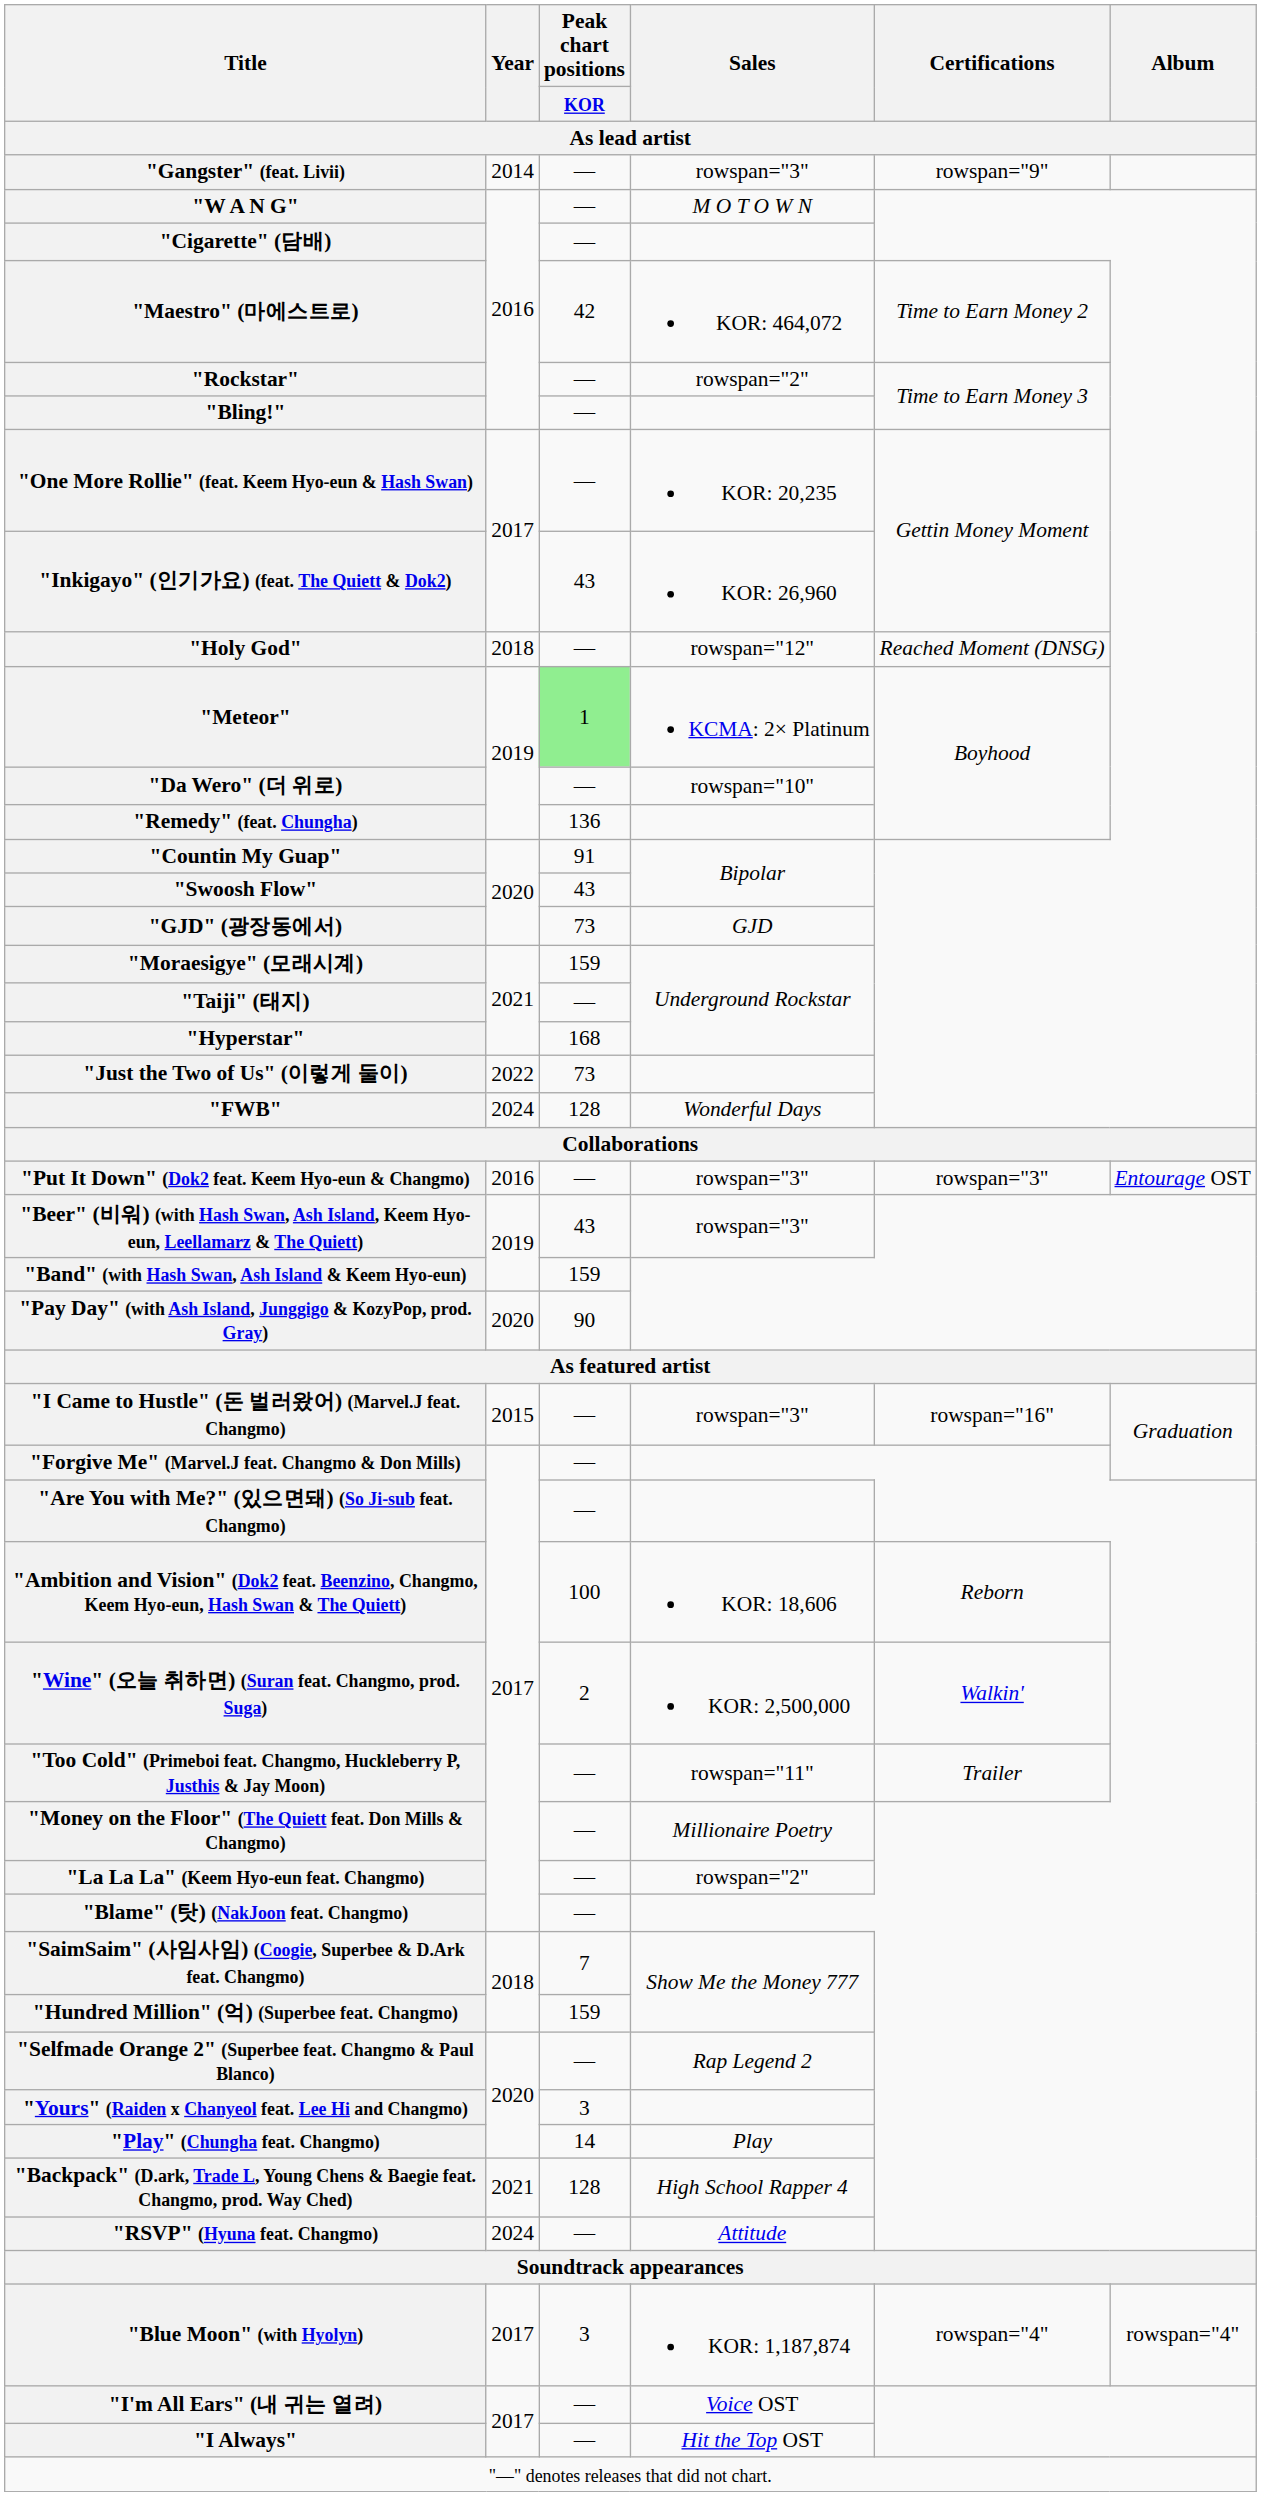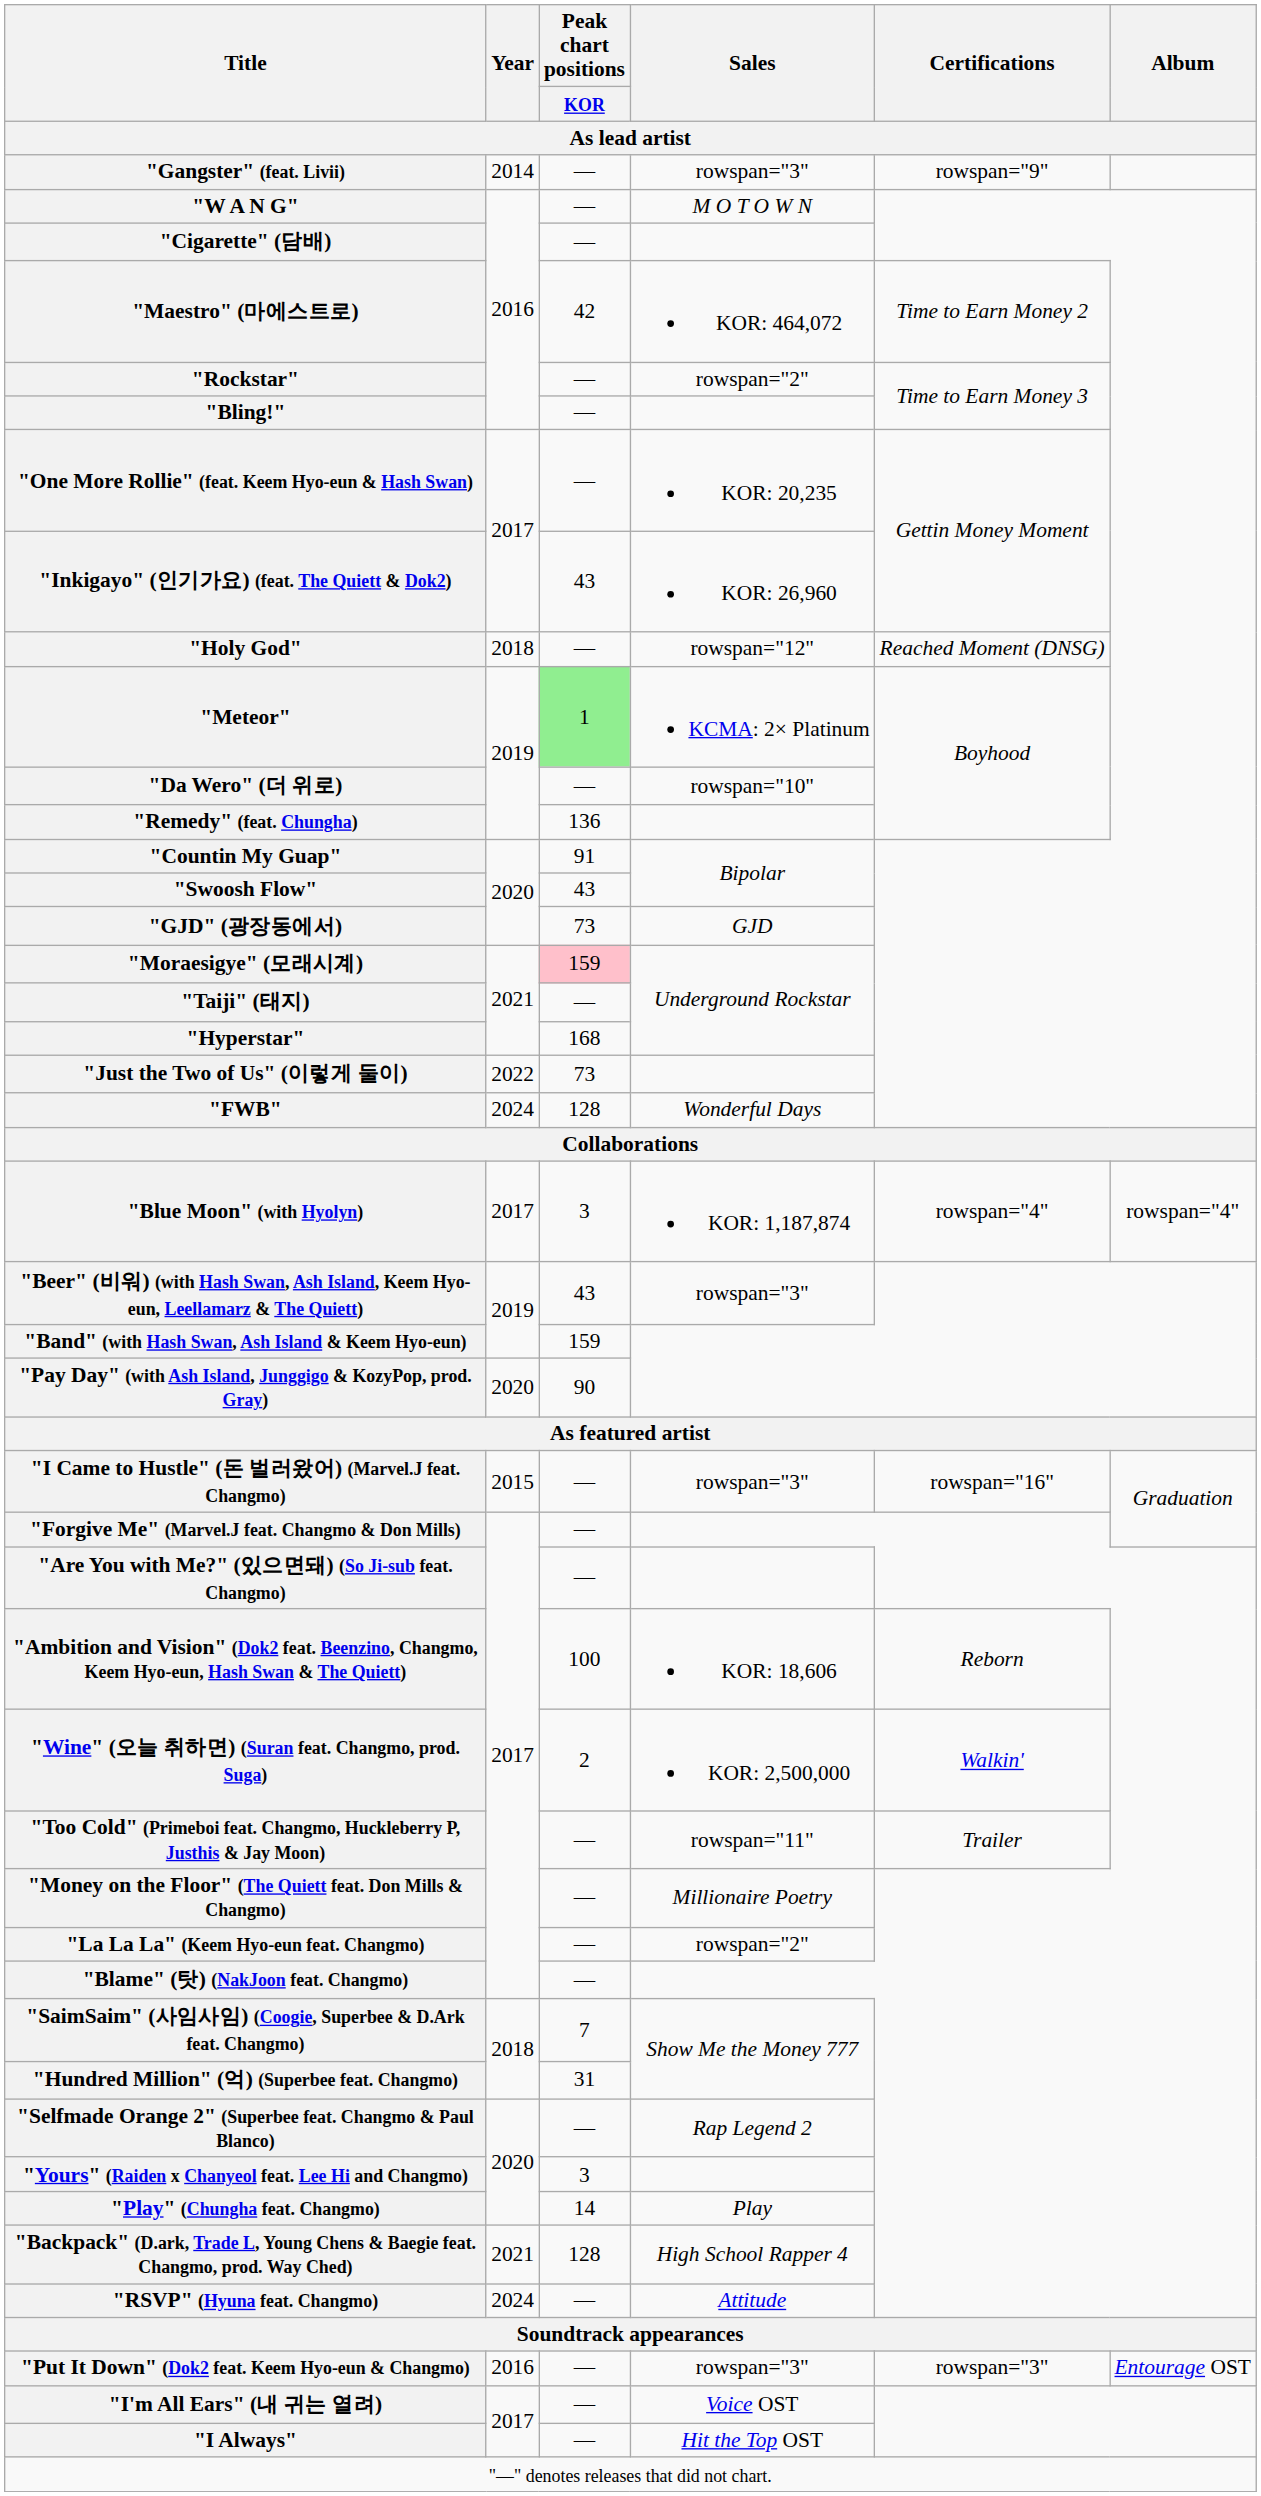 <table class="wikitable plainrowheaders" style="text-align:center;">
 <tr>
 <th scope="col" rowspan="2" style="width:22em;">Title</th>
 <th scope="col" rowspan="2">Year</th>
 <th scope="col">Peak<br>chart<br>positions</th>
 <th scope="col" rowspan="2">Sales</th>
 <th scope="col" rowspan="2">Certifications</th>
 <th scope="col" rowspan="2">Album</th>
 </tr>
 <tr>
 <th><small><a href='#'>KOR</a></small><br></th>
 </tr>
 <tr>
 <th scope="col" colspan="6">As lead artist</th>
 </tr>
 <tr>
 <th scope="row">"Gangster" <small>(feat. Livii)</small></th>
 <td>2014</td>
 <td>—</td>
 <td>rowspan="3" </td>
 <td>rowspan="9" </td>
 <td></td>
 </tr>
 <tr>
 <th scope="row">"W A N G"</th>
 <td rowspan="5">2016</td>
 <td>—</td>
 <td><em>M O T O W N</em></td>
 </tr>
 <tr>
 <th scope="row">"Cigarette" (담배)</th>
 <td>—</td>
 <td></td>
 </tr>
 <tr>
 <th scope="row">"Maestro" (마에스트로)</th>
 <td>42</td>
 <td><br><ul><li>KOR: 464,072</li></ul></td>
 <td><em>Time to Earn Money 2</em></td>
 </tr>
 <tr>
 <th scope="row">"Rockstar"</th>
 <td>—</td>
 <td>rowspan="2" </td>
 <td rowspan="2"><em>Time to Earn Money 3</em></td>
 </tr>
 <tr>
 <th scope="row">"Bling!"</th>
 <td>—</td>
 </tr>
 <tr>
 <th scope="row">"One More Rollie" <small>(feat. Keem Hyo-eun & <a href='#'>Hash Swan</a>)</small></th>
 <td rowspan="2">2017</td>
 <td>—</td>
 <td><br><ul><li>KOR: 20,235</li></ul></td>
 <td rowspan="2"><em>Gettin Money Moment</em></td>
 </tr>
 <tr>
 <th scope="row">"Inkigayo" (인기가요) <small>(feat. <a href='#'>The Quiett</a> & <a href='#'>Dok2</a>)</small></th>
 <td>43</td>
 <td><br><ul><li>KOR: 26,960</li></ul></td>
 </tr>
 <tr>
 <th scope="row">"Holy God"</th>
 <td>2018</td>
 <td>—</td>
 <td>rowspan="12" </td>
 <td><em>Reached Moment (DNSG)</em></td>
 </tr>
 <tr>
 <th scope="row">"Meteor"</th>
 <td rowspan="3">2019</td>
 <td style="background: lightgreen;">1</td>
 <td><br><ul><li><a href='#'>KCMA</a>: 2× Platinum</li></ul></td>
 <td rowspan="3"><em>Boyhood</em></td>
 </tr>
 <tr>
 <th scope="row">"Da Wero" (더 위로)</th>
 <td>—</td>
 <td>rowspan="10" </td>
 </tr>
 <tr>
 <th scope="row">"Remedy" <small>(feat. <a href='#'>Chungha</a>)</small></th>
 <td>136</td>
 </tr>
 <tr>
 <th scope="row">"Countin My Guap"</th>
 <td rowspan="3">2020</td>
 <td>91</td>
 <td rowspan="2"><em>Bipolar</em></td>
 </tr>
 <tr>
 <th scope="row">"Swoosh Flow"</th>
 <td>43</td>
 </tr>
 <tr>
 <th scope="row">"GJD" (광장동에서)</th>
 <td>73</td>
 <td><em>GJD</em></td>
 </tr>
 <tr>
 <th scope="row">"Moraesigye" (모래시계)</th>
 <td rowspan="3">2021</td>
-<td>159</td>
+<td style="background: pink;">159</td>
 <td rowspan="3"><em>Underground Rockstar</em></td>
 </tr>
 <tr>
 <th scope="row">"Taiji" (태지)</th>
 <td>—</td>
 </tr>
 <tr>
 <th scope="row">"Hyperstar"</th>
 <td>168</td>
 </tr>
 <tr>
 <th scope="row">"Just the Two of Us" (이렇게 둘이)</th>
 <td>2022</td>
 <td>73</td>
 <td></td>
 </tr>
 <tr>
 <th scope="row">"FWB"</th>
 <td>2024</td>
 <td>128</td>
 <td><em>Wonderful Days</em></td>
 </tr>
 <tr>
 <th scope="col" colspan="6">Collaborations</th>
 </tr>
 <tr>
-<th scope="row">"Put It Down" <small>(<a href='#'>Dok2</a> feat. Keem Hyo-eun & Changmo)</small></th>
-<td>2016</td>
-<td>—</td>
-<td>rowspan="3" </td>
-<td>rowspan="3" </td>
-<td><em><a href='#'>Entourage</a></em> OST</td>
+<th scope="row">"Blue Moon" <small>(with <a href='#'>Hyolyn</a>)</small></th>
+<td>2017</td>
+<td>3</td>
+<td><br><ul><li>KOR: 1,187,874</li></ul></td>
+<td>rowspan="4" </td>
+<td>rowspan="4" </td>
 </tr>
 <tr>
 <th scope="row">"Beer" (비워) <small>(with <a href='#'>Hash Swan</a>, <a href='#'>Ash Island</a>, Keem Hyo-eun, <a href='#'>Leellamarz</a> & <a href='#'>The Quiett</a>)</small></th>
 <td rowspan="2">2019</td>
 <td>43</td>
 <td>rowspan="3" </td>
 </tr>
 <tr>
 <th scope="row">"Band" <small>(with <a href='#'>Hash Swan</a>, <a href='#'>Ash Island</a> & Keem Hyo-eun)</small></th>
 <td>159</td>
 </tr>
 <tr>
 <th scope="row">"Pay Day" <small>(with <a href='#'>Ash Island</a>, <a href='#'>Junggigo</a> & KozyPop, prod. <a href='#'>Gray</a>)</small></th>
 <td>2020</td>
 <td>90</td>
 </tr>
 <tr>
 <th scope="col" colspan="6">As featured artist</th>
 </tr>
 <tr>
 <th scope="row">"I Came to Hustle" (돈 벌러왔어) <small>(Marvel.J feat. Changmo)</small></th>
 <td>2015</td>
 <td>—</td>
 <td>rowspan="3" </td>
 <td>rowspan="16" </td>
 <td rowspan="2"><em>Graduation</em></td>
 </tr>
 <tr>
 <th scope="row">"Forgive Me" <small>(Marvel.J feat. Changmo & Don Mills)</small></th>
 <td rowspan="8">2017</td>
 <td>—</td>
 </tr>
 <tr>
 <th scope="row">"Are You with Me?" (있으면돼) <small>(<a href='#'>So Ji-sub</a> feat. Changmo)</small></th>
 <td>—</td>
 <td></td>
 </tr>
 <tr>
 <th scope="row">"Ambition and Vision" <small>(<a href='#'>Dok2</a> feat. <a href='#'>Beenzino</a>, Changmo, Keem Hyo-eun, <a href='#'>Hash Swan</a> & <a href='#'>The Quiett</a>)</small></th>
 <td>100</td>
 <td><br><ul><li>KOR: 18,606</li></ul></td>
 <td><em>Reborn</em></td>
 </tr>
 <tr>
 <th scope="row">"<a href='#'>Wine</a>" (오늘 취하면) <small>(<a href='#'>Suran</a> feat. Changmo, prod. <a href='#'>Suga</a>)</small></th>
 <td>2</td>
 <td><br><ul><li>KOR: 2,500,000</li></ul></td>
 <td><em><a href='#'>Walkin'</a></em></td>
 </tr>
 <tr>
 <th scope="row">"Too Cold" <small>(Primeboi feat. Changmo, Huckleberry P, <a href='#'>Justhis</a> & Jay Moon)</small></th>
 <td>—</td>
 <td>rowspan="11" </td>
 <td><em>Trailer</em></td>
 </tr>
 <tr>
 <th scope="row">"Money on the Floor" <small>(<a href='#'>The Quiett</a> feat. Don Mills & Changmo)</small></th>
 <td>—</td>
 <td><em>Millionaire Poetry</em></td>
 </tr>
 <tr>
 <th scope="row">"La La La" <small>(Keem Hyo-eun feat. Changmo)</small></th>
 <td>—</td>
 <td>rowspan="2" </td>
 </tr>
 <tr>
 <th scope="row">"Blame" (탓) <small>(<a href='#'>NakJoon</a> feat. Changmo)</small></th>
 <td>—</td>
 </tr>
 <tr>
 <th scope="row">"SaimSaim" (사임사임) <small>(<a href='#'>Coogie</a>, Superbee & D.Ark feat. Changmo)</small></th>
 <td rowspan="2">2018</td>
 <td>7</td>
 <td rowspan="2"><em>Show Me the Money 777</em></td>
 </tr>
 <tr>
 <th scope="row">"Hundred Million" (억) <small>(Superbee feat. Changmo)</small></th>
-<td>159</td>
+<td>31</td>
 </tr>
 <tr>
 <th scope="row">"Selfmade Orange 2" <small>(Superbee feat. Changmo & Paul Blanco)</small></th>
 <td rowspan="3">2020</td>
 <td>—</td>
 <td><em>Rap Legend 2</em></td>
 </tr>
 <tr>
 <th scope="row">"<a href='#'>Yours</a>" <small>(<a href='#'>Raiden</a> x <a href='#'>Chanyeol</a> feat. <a href='#'>Lee Hi</a> and Changmo)</small></th>
 <td>3</td>
 <td></td>
 </tr>
 <tr>
 <th scope="row">"<a href='#'>Play</a>" <small>(<a href='#'>Chungha</a> feat. Changmo)</small></th>
 <td>14</td>
 <td><em>Play</em></td>
 </tr>
 <tr>
 <th scope="row">"Backpack" <small>(D.ark, <a href='#'>Trade L</a>, Young Chens & Baegie feat. Changmo, prod. Way Ched)</small></th>
 <td>2021</td>
 <td>128</td>
 <td><em>High School Rapper 4</em></td>
 </tr>
 <tr>
 <th scope="row">"RSVP" <small>(<a href='#'>Hyuna</a> feat. Changmo)</small></th>
 <td>2024</td>
 <td>—</td>
 <td><em><a href='#'>Attitude</a></em></td>
 </tr>
 <tr>
 <th scope="col" colspan="6">Soundtrack appearances</th>
 </tr>
 <tr>
-<th scope="row">"Blue Moon" <small>(with <a href='#'>Hyolyn</a>)</small></th>
-<td>2017</td>
-<td>3</td>
-<td><br><ul><li>KOR: 1,187,874</li></ul></td>
-<td>rowspan="4" </td>
-<td>rowspan="4" </td>
+<th scope="row">"Put It Down" <small>(<a href='#'>Dok2</a> feat. Keem Hyo-eun & Changmo)</small></th>
+<td>2016</td>
+<td>—</td>
+<td>rowspan="3" </td>
+<td>rowspan="3" </td>
+<td><em><a href='#'>Entourage</a></em> OST</td>
 </tr>
 <tr>
 <th scope="row">"I'm All Ears" (내 귀는 열려)</th>
 <td rowspan="2">2017</td>
 <td>—</td>
 <td><em><a href='#'>Voice</a></em> OST</td>
 </tr>
 <tr>
 <th scope="row">"I Always"</th>
 <td>—</td>
 <td><em><a href='#'>Hit the Top</a></em> OST</td>
 </tr>
 <tr>
 <td colspan="6" style="text-align:center;"><small>"—" denotes releases that did not chart.</small></td>
 </tr>
 </table>
